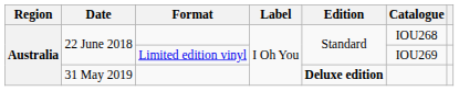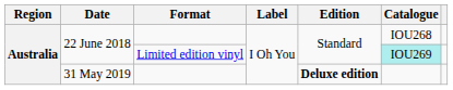 <table class="wikitable plainrowheaders" style="text-align:center;">
 <tr>
 <th>Region</th>
 <th>Date</th>
 <th>Format</th>
 <th>Label</th>
 <th>Edition</th>
 <th>Catalogue</th>
 <th></th>
 </tr>
 <tr>
 <th scope="row" rowspan="3">Australia</th>
 <td rowspan="2">22 June 2018</td>
 <td></td>
 <td rowspan="3">I Oh You</td>
 <td rowspan="2">Standard</td>
 <td>IOU268</td>
 <td></td>
 </tr>
 <tr>
 <td><a href='#'>Limited edition vinyl</a></td>
-<td>IOU269</td>
+<td style="background: paleturquoise;">IOU269</td>
 <td></td>
 </tr>
 <tr>
 <td>31 May 2019</td>
 <td></td>
 <td><strong>Deluxe edition</strong></td>
 <td></td>
 <td></td>
 </tr>
 </table>
